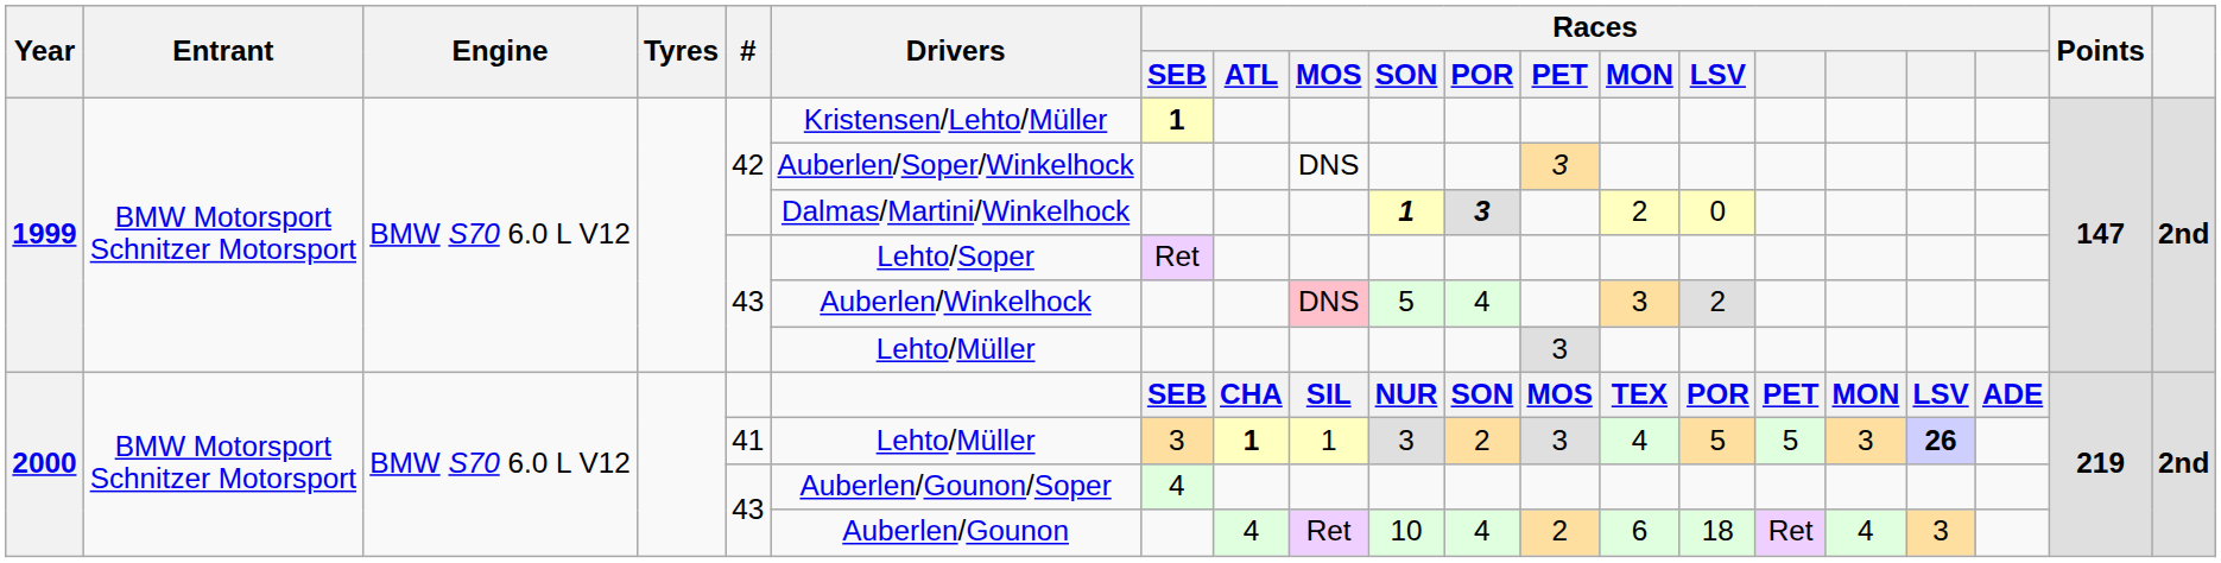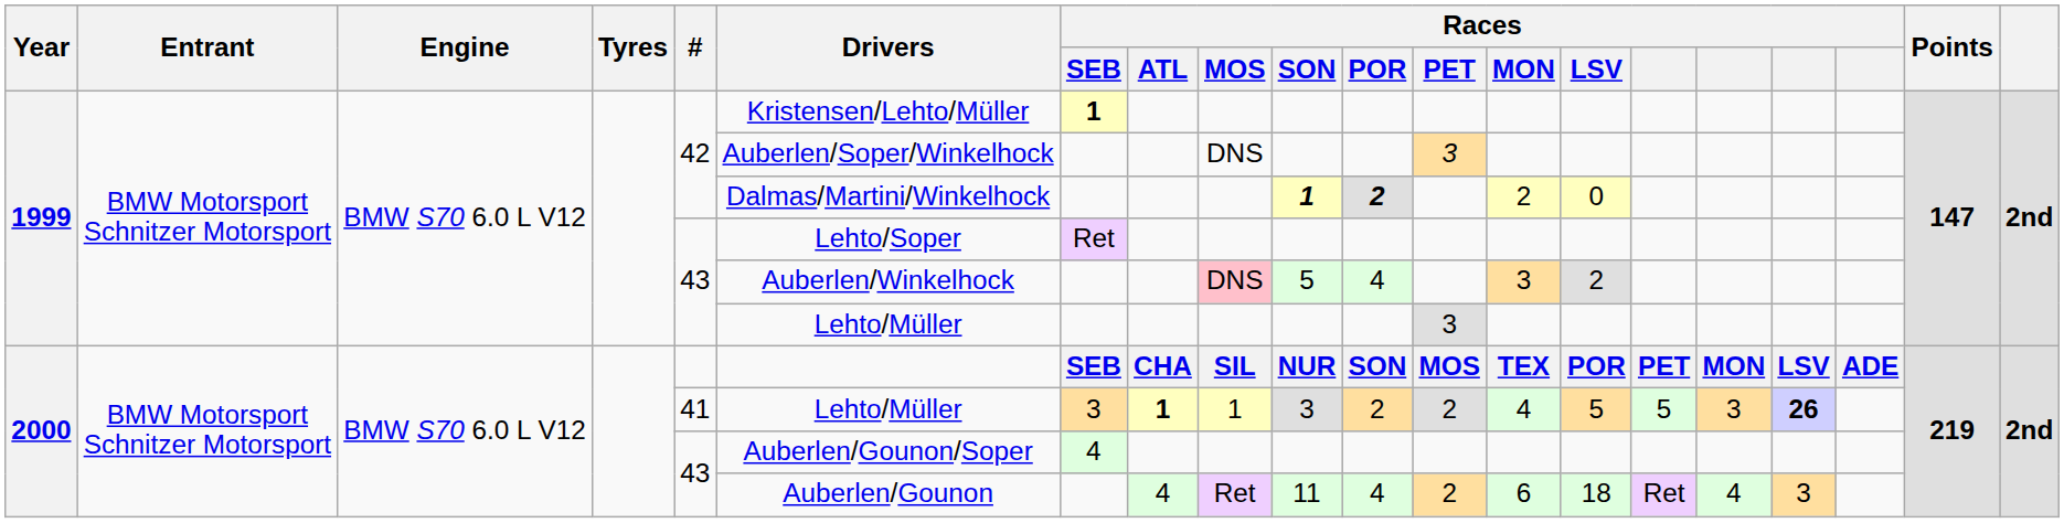 <table class="wikitable">
 <tr>
 <th rowspan="2">Year</th>
 <th rowspan="2">Entrant</th>
 <th rowspan="2">Engine</th>
 <th rowspan="2">Tyres</th>
 <th rowspan="2">#</th>
 <th rowspan="2">Drivers</th>
 <th colspan="12">Races</th>
 <th rowspan="2">Points</th>
 <th rowspan="2"></th>
 </tr>
 <tr>
 <th><a href='#'>SEB</a></th>
 <th><a href='#'>ATL</a></th>
 <th><a href='#'>MOS</a></th>
 <th><a href='#'>SON</a></th>
 <th><a href='#'>POR</a></th>
 <th><a href='#'>PET</a></th>
 <th><a href='#'>MON</a></th>
 <th><a href='#'>LSV</a></th>
 <th></th>
 <th></th>
 <th></th>
 <th></th>
 </tr>
 <tr align="center">
 <th rowspan="6"><a href='#'>1999</a></th>
 <td rowspan="6"><a href='#'>BMW Motorsport</a><br><a href='#'>Schnitzer Motorsport</a></td>
 <td rowspan="6"><a href='#'>BMW</a> <em><a href='#'>S70</a></em> 6.0 L V12</td>
 <td rowspan="6"></td>
 <td rowspan="3">42</td>
 <td><a href='#'>Kristensen</a>/<a href='#'>Lehto</a>/<a href='#'>Müller</a></td>
 <td style="background:#FFFFBF;"><strong>1</strong></td>
 <td></td>
 <td></td>
 <td></td>
 <td></td>
 <td></td>
 <td></td>
 <td></td>
 <td></td>
 <td></td>
 <td></td>
 <td></td>
 <td style="background:#DFDFDF;" rowspan="6"><strong>147</strong></td>
 <td style="background:#DFDFDF;" rowspan="6"><strong>2nd</strong></td>
 </tr>
 <tr align="center">
 <td><a href='#'>Auberlen</a>/<a href='#'>Soper</a>/<a href='#'>Winkelhock</a></td>
 <td></td>
 <td></td>
 <td>DNS</td>
 <td></td>
 <td></td>
 <td style="background:#FFDF9F;"><em>3</em></td>
 <td></td>
 <td></td>
 <td></td>
 <td></td>
 <td></td>
 <td></td>
 </tr>
 <tr align="center">
 <td><a href='#'>Dalmas</a>/<a href='#'>Martini</a>/<a href='#'>Winkelhock</a></td>
 <td></td>
 <td></td>
 <td></td>
 <td style="background:#FFFFBF;"><strong><em>1</em></strong></td>
-<td style="background:#DFDFDF;"><strong><em>3</em></strong></td>
+<td style="background:#DFDFDF;"><strong><em>2</em></strong></td>
 <td></td>
 <td style="background:#FFFFBF;">2</td>
 <td style="background:#FFFFBF;">0</td>
 <td></td>
 <td></td>
 <td></td>
 <td></td>
 </tr>
 <tr align="center">
 <td rowspan="3">43</td>
 <td><a href='#'>Lehto</a>/<a href='#'>Soper</a></td>
 <td style="background:#EFCFFF;">Ret</td>
 <td></td>
 <td></td>
 <td></td>
 <td></td>
 <td></td>
 <td></td>
 <td></td>
 <td></td>
 <td></td>
 <td></td>
 <td></td>
 </tr>
 <tr align="center">
 <td><a href='#'>Auberlen</a>/<a href='#'>Winkelhock</a></td>
 <td></td>
 <td></td>
 <td style="background: pink;">DNS</td>
 <td style="background:#DFFFDF;">5</td>
 <td style="background:#DFFFDF;">4</td>
 <td></td>
 <td style="background:#FFDF9F;">3</td>
 <td style="background:#DFDFDF;">2</td>
 <td></td>
 <td></td>
 <td></td>
 <td></td>
 </tr>
 <tr align="center">
 <td><a href='#'>Lehto</a>/<a href='#'>Müller</a></td>
 <td></td>
 <td></td>
 <td></td>
 <td></td>
 <td></td>
 <td style="background:#DFDFDF;">3</td>
 <td></td>
 <td></td>
 <td></td>
 <td></td>
 <td></td>
 <td></td>
 </tr>
 <tr align="center">
 <th rowspan="4"><a href='#'>2000</a></th>
 <td rowspan="4"><a href='#'>BMW Motorsport</a><br><a href='#'>Schnitzer Motorsport</a></td>
 <td rowspan="4"><a href='#'>BMW</a> <em><a href='#'>S70</a></em> 6.0 L V12</td>
 <td rowspan="4"></td>
 <td></td>
 <td></td>
 <th><a href='#'>SEB</a></th>
 <th><a href='#'>CHA</a></th>
 <th><a href='#'>SIL</a></th>
 <th><a href='#'>NUR</a></th>
 <th><a href='#'>SON</a></th>
 <th><a href='#'>MOS</a></th>
 <th><a href='#'>TEX</a></th>
 <th><a href='#'>POR</a></th>
 <th><a href='#'>PET</a></th>
 <th><a href='#'>MON</a></th>
 <th><a href='#'>LSV</a></th>
 <th><a href='#'>ADE</a></th>
 <td style="background:#DFDFDF;" rowspan="4"><strong>219</strong></td>
 <td style="background:#DFDFDF;" rowspan="4"><strong>2nd</strong></td>
 </tr>
 <tr align="center">
 <td>41</td>
 <td><a href='#'>Lehto</a>/<a href='#'>Müller</a></td>
 <td style="background:#FFDF9F;">3</td>
 <td style="background:#FFFFBF;"><strong>1</strong></td>
 <td style="background:#FFFFBF;">1</td>
 <td style="background:#DFDFDF;">3</td>
 <td style="background:#FFDF9F;">2</td>
-<td style="background:#DFDFDF;">3</td>
+<td style="background:#DFDFDF;">2</td>
 <td style="background:#DFFFDF;">4</td>
 <td style="background:#FFDF9F;">5</td>
 <td style="background:#DFFFDF;">5</td>
 <td style="background:#FFDF9F;">3</td>
 <td style="background:#CFCFFF;"><strong>26</strong></td>
 <td></td>
 </tr>
 <tr align="center">
 <td rowspan="2">43</td>
 <td><a href='#'>Auberlen</a>/<a href='#'>Gounon</a>/<a href='#'>Soper</a></td>
 <td style="background:#DFFFDF;">4</td>
 <td></td>
 <td></td>
 <td></td>
 <td></td>
 <td></td>
 <td></td>
 <td></td>
 <td></td>
 <td></td>
 <td></td>
 <td></td>
 </tr>
 <tr align="center">
 <td><a href='#'>Auberlen</a>/<a href='#'>Gounon</a></td>
 <td></td>
 <td style="background:#DFFFDF;">4</td>
 <td style="background:#EFCFFF;">Ret</td>
-<td style="background:#DFFFDF;">10</td>
+<td style="background:#DFFFDF;">11</td>
 <td style="background:#DFFFDF;">4</td>
 <td style="background:#FFDF9F;">2</td>
 <td style="background:#DFFFDF;">6</td>
 <td style="background:#DFFFDF;">18</td>
 <td style="background:#EFCFFF;">Ret</td>
 <td style="background:#DFFFDF;">4</td>
 <td style="background:#FFDF9F;">3</td>
 <td></td>
 </tr>
 </table>
